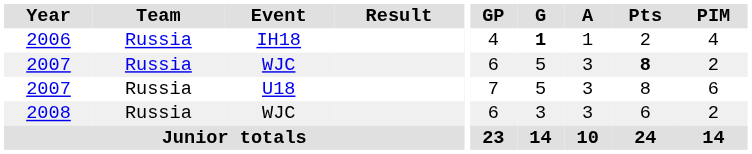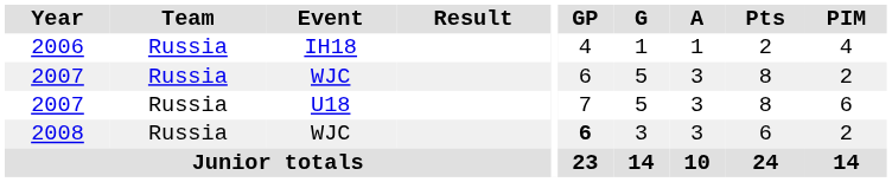 <table border="0" cellpadding="1" cellspacing="0" ID="Table3" style="text-align:center; width:40em">
 <tr ALIGN="center" bgcolor="#e0e0e0">
 <th>Year</th>
 <th>Team</th>
 <th>Event</th>
 <th>Result</th>
 <th rowspan="99" bgcolor="#ffffff"></th>
 <th>GP</th>
 <th>G</th>
 <th>A</th>
 <th>Pts</th>
 <th>PIM</th>
 </tr>
 <tr>
 <td><a href='#'>2006</a></td>
 <td><a href='#'>Russia</a></td>
 <td><a href='#'>IH18</a></td>
 <td></td>
 <td>4</td>
-<td><strong>1</strong></td>
+<td>1</td>
 <td>1</td>
 <td>2</td>
 <td>4</td>
 </tr>
 <tr bgcolor="#f0f0f0">
 <td><a href='#'>2007</a></td>
 <td><a href='#'>Russia</a></td>
 <td><a href='#'>WJC</a></td>
 <td></td>
 <td>6</td>
 <td>5</td>
 <td>3</td>
-<td><strong>8</strong></td>
+<td>8</td>
 <td>2</td>
 </tr>
 <tr>
 <td><a href='#'>2007</a></td>
 <td>Russia</td>
 <td><a href='#'>U18</a></td>
 <td></td>
 <td>7</td>
 <td>5</td>
 <td>3</td>
 <td>8</td>
 <td>6</td>
 </tr>
 <tr bgcolor="#f0f0f0">
 <td><a href='#'>2008</a></td>
 <td>Russia</td>
 <td>WJC</td>
 <td></td>
-<td>6</td>
+<td><strong>6</strong></td>
 <td>3</td>
 <td>3</td>
 <td>6</td>
 <td>2</td>
 </tr>
 <tr bgcolor="#e0e0e0">
 <th colspan="4">Junior totals</th>
 <th>23</th>
 <th>14</th>
 <th>10</th>
 <th>24</th>
 <th>14</th>
 </tr>
 </table>
